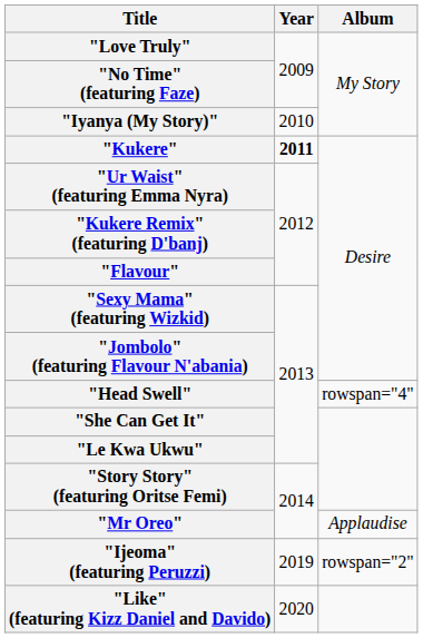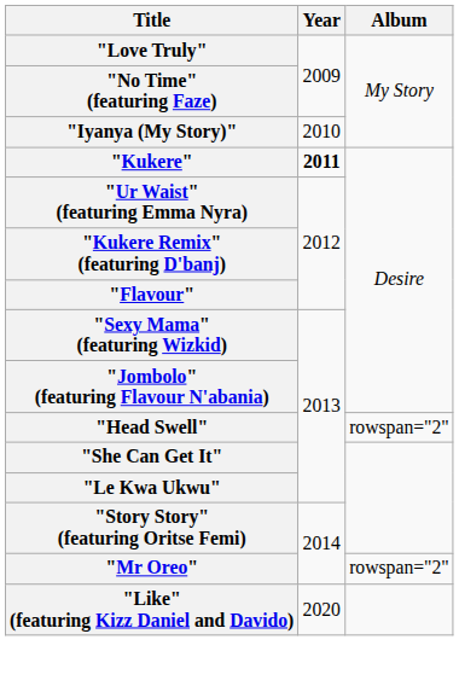 <table class="wikitable plainrowheaders" style="text-align:center;" border="1">
 <tr>
 <th scope="col">Title</th>
 <th scope="col">Year</th>
 <th scope="col">Album</th>
 </tr>
 <tr>
 <th scope="row">"Love Truly"</th>
 <td rowspan="2">2009</td>
 <td rowspan="3"><em>My Story</em></td>
 </tr>
 <tr>
 <th scope="row">"No Time" <br><span>(featuring <a href='#'>Faze</a>)</span></th>
 </tr>
 <tr>
 <th scope="row">"Iyanya (My Story)"</th>
 <td>2010</td>
 </tr>
 <tr>
 <th scope="row">"<a href='#'>Kukere</a>"</th>
 <td><strong>2011</strong></td>
 <td rowspan="6"><em>Desire</em></td>
 </tr>
 <tr>
 <th scope="row">"<a href='#'>Ur Waist</a>" <br><span>(featuring Emma Nyra)</span></th>
 <td rowspan="3">2012</td>
 </tr>
 <tr>
 <th scope="row">"<a href='#'>Kukere Remix</a>" <br><span>(featuring <a href='#'>D'banj</a>)</span></th>
 </tr>
 <tr>
 <th scope="row">"<a href='#'>Flavour</a>"</th>
 </tr>
 <tr>
 <th scope="row">"<a href='#'>Sexy Mama</a>" <br><span>(featuring <a href='#'>Wizkid</a>)</span></th>
 <td rowspan="5">2013</td>
 </tr>
 <tr>
 <th scope="row">"<a href='#'>Jombolo</a>" <br><span>(featuring <a href='#'>Flavour N'abania</a>)</span></th>
 </tr>
 <tr>
 <th scope="row">"Head Swell"</th>
-<td>rowspan="4" </td>
+<td>rowspan="2" </td>
 </tr>
 <tr>
 <th scope="row">"She Can Get It"</th>
 </tr>
 <tr>
 <th scope="row">"Le Kwa Ukwu"</th>
 </tr>
 <tr>
 <th scope="row">"Story Story"<br><span>(featuring Oritse Femi)</span></th>
 <td rowspan="2">2014</td>
 </tr>
 <tr>
 <th scope="row">"<a href='#'>Mr Oreo</a>"</th>
-<td><em>Applaudise</em></td>
-</tr>
-<tr>
-<th scope="row">"Ijeoma"<br><span>(featuring <a href='#'>Peruzzi</a>)</span></th>
-<td>2019</td>
 <td>rowspan="2" </td>
 </tr>
 <tr>
 <th scope="row">"Like"<br><span>(featuring <a href='#'>Kizz Daniel</a> and <a href='#'>Davido</a>)</span></th>
 <td>2020</td>
 </tr>
 </table>
